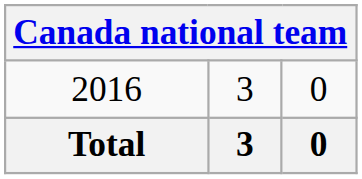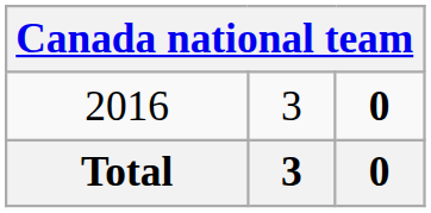 <table class="wikitable" style="text-align:center">
 <tr>
 <th colspan=3><a href='#'>Canada national team</a></th>
 </tr>
 <tr>
 <td>2016</td>
 <td>3</td>
-<td>0</td>
+<td><strong>0</strong></td>
 </tr>
 <tr>
 <th>Total</th>
 <th>3</th>
 <th>0</th>
 </tr>
 </table>
